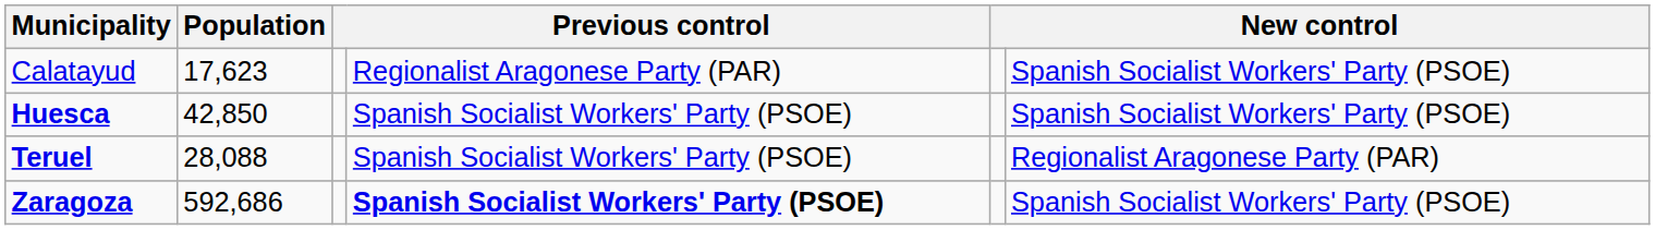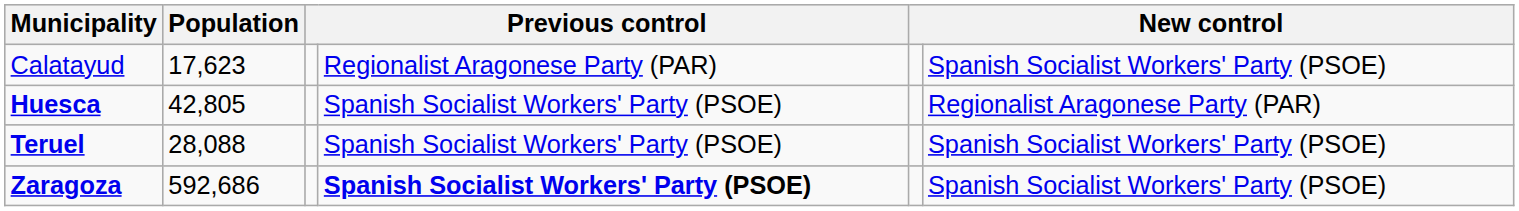 <table class="wikitable sortable">
 <tr>
 <th>Municipality</th>
 <th>Population</th>
 <th colspan="2" style="width:375px;">Previous control</th>
 <th colspan="2" style="width:375px;">New control</th>
 </tr>
 <tr>
 <td><a href='#'>Calatayud</a></td>
 <td>17,623</td>
 <td width="1" style="color:inherit;background:"></td>
 <td><a href='#'>Regionalist Aragonese Party</a> (PAR)</td>
 <td width="1" style="color:inherit;background:"></td>
 <td><a href='#'>Spanish Socialist Workers' Party</a> (PSOE)</td>
 </tr>
 <tr>
 <td><strong><a href='#'>Huesca</a></strong></td>
-<td>42,850</td>
+<td>42,805</td>
 <td style="color:inherit;background:"></td>
 <td><a href='#'>Spanish Socialist Workers' Party</a> (PSOE)</td>
 <td style="color:inherit;background:"></td>
-<td><a href='#'>Spanish Socialist Workers' Party</a> (PSOE)</td>
+<td><a href='#'>Regionalist Aragonese Party</a> (PAR)</td>
 </tr>
 <tr>
 <td><strong><a href='#'>Teruel</a></strong></td>
 <td>28,088</td>
 <td style="color:inherit;background:"></td>
 <td><a href='#'>Spanish Socialist Workers' Party</a> (PSOE)</td>
 <td style="color:inherit;background:"></td>
-<td><a href='#'>Regionalist Aragonese Party</a> (PAR)</td>
+<td><a href='#'>Spanish Socialist Workers' Party</a> (PSOE)</td>
 </tr>
 <tr>
 <td><strong><a href='#'>Zaragoza</a></strong></td>
 <td>592,686</td>
 <td style="color:inherit;background:"></td>
 <td><strong><a href='#'>Spanish Socialist Workers' Party</a> (PSOE)</strong></td>
 <td style="color:inherit;background:"></td>
 <td><a href='#'>Spanish Socialist Workers' Party</a> (PSOE)</td>
 </tr>
 </table>
